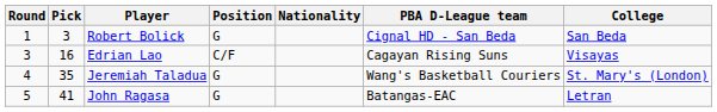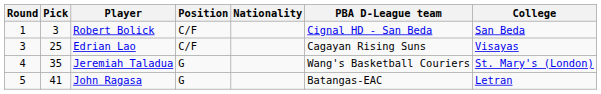 <table class="wikitable sortable sortable">
 <tr>
 <th>Round</th>
 <th>Pick</th>
 <th>Player</th>
 <th>Position</th>
 <th>Nationality</th>
 <th>PBA D-League team</th>
 <th>College</th>
 </tr>
 <tr>
 <td align=center>1</td>
 <td align=center>3</td>
 <td><a href='#'>Robert Bolick</a></td>
-<td>G</td>
+<td>C/F</td>
 <td></td>
 <td><a href='#'>Cignal HD - San Beda</a></td>
 <td><a href='#'>San Beda</a></td>
 </tr>
 <tr>
 <td align=center>3</td>
-<td align=center>16</td>
+<td align=center>25</td>
 <td><a href='#'>Edrian Lao</a></td>
 <td>C/F</td>
 <td></td>
 <td>Cagayan Rising Suns</td>
 <td><a href='#'>Visayas</a></td>
 </tr>
 <tr>
 <td align=center>4</td>
 <td align=center>35</td>
 <td><a href='#'>Jeremiah Taladua</a></td>
 <td>G</td>
 <td></td>
 <td>Wang's Basketball Couriers</td>
 <td><a href='#'>St. Mary's (London)</a></td>
 </tr>
 <tr>
 <td align=center>5</td>
 <td align=center>41</td>
 <td><a href='#'>John Ragasa</a></td>
 <td>G</td>
 <td></td>
 <td>Batangas-EAC</td>
 <td><a href='#'>Letran</a></td>
 </tr>
 </table>
